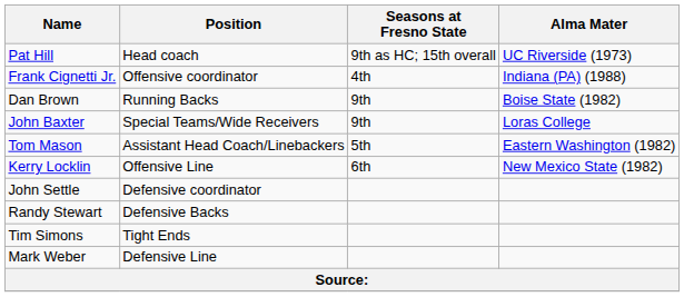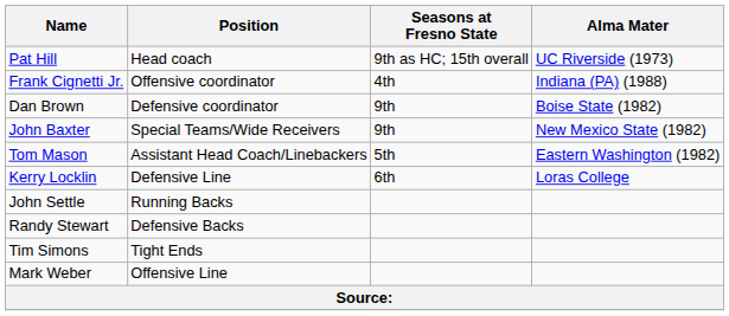 <table class="wikitable" border="1" style="font-size:90%;">
 <tr>
 <th>Name</th>
 <th>Position</th>
 <th>Seasons at<br>Fresno State</th>
 <th>Alma Mater</th>
 </tr>
 <tr>
 <td><a href='#'>Pat Hill</a></td>
 <td>Head coach</td>
 <td>9th as HC; 15th overall</td>
 <td><a href='#'>UC Riverside</a> (1973)</td>
 </tr>
 <tr>
 <td><a href='#'>Frank Cignetti Jr.</a></td>
 <td>Offensive coordinator</td>
 <td>4th</td>
 <td><a href='#'>Indiana (PA)</a> (1988)</td>
 </tr>
 <tr>
 <td>Dan Brown</td>
-<td>Running Backs</td>
+<td>Defensive coordinator</td>
 <td>9th</td>
 <td><a href='#'>Boise State</a> (1982)</td>
 </tr>
 <tr>
 <td><a href='#'>John Baxter</a></td>
 <td>Special Teams/Wide Receivers</td>
 <td>9th</td>
-<td><a href='#'>Loras College</a></td>
+<td><a href='#'>New Mexico State</a> (1982)</td>
 </tr>
 <tr>
 <td><a href='#'>Tom Mason</a></td>
 <td>Assistant Head Coach/Linebackers</td>
 <td>5th</td>
 <td><a href='#'>Eastern Washington</a> (1982)</td>
 </tr>
 <tr>
 <td><a href='#'>Kerry Locklin</a></td>
-<td>Offensive Line</td>
+<td>Defensive Line</td>
 <td>6th</td>
-<td><a href='#'>New Mexico State</a> (1982)</td>
+<td><a href='#'>Loras College</a></td>
 </tr>
 <tr>
 <td>John Settle</td>
-<td>Defensive coordinator</td>
+<td>Running Backs</td>
 <td></td>
 <td></td>
 </tr>
 <tr>
 <td>Randy Stewart</td>
 <td>Defensive Backs</td>
 <td></td>
 <td></td>
 </tr>
 <tr>
 <td>Tim Simons</td>
 <td>Tight Ends</td>
 <td></td>
 <td></td>
 </tr>
 <tr>
 <td>Mark Weber</td>
-<td>Defensive Line</td>
+<td>Offensive Line</td>
 <td></td>
 <td></td>
 </tr>
 <tr>
 <th align=center colspan=4>Source:</th>
 </tr>
 <tr>
 </tr>
 </table>
